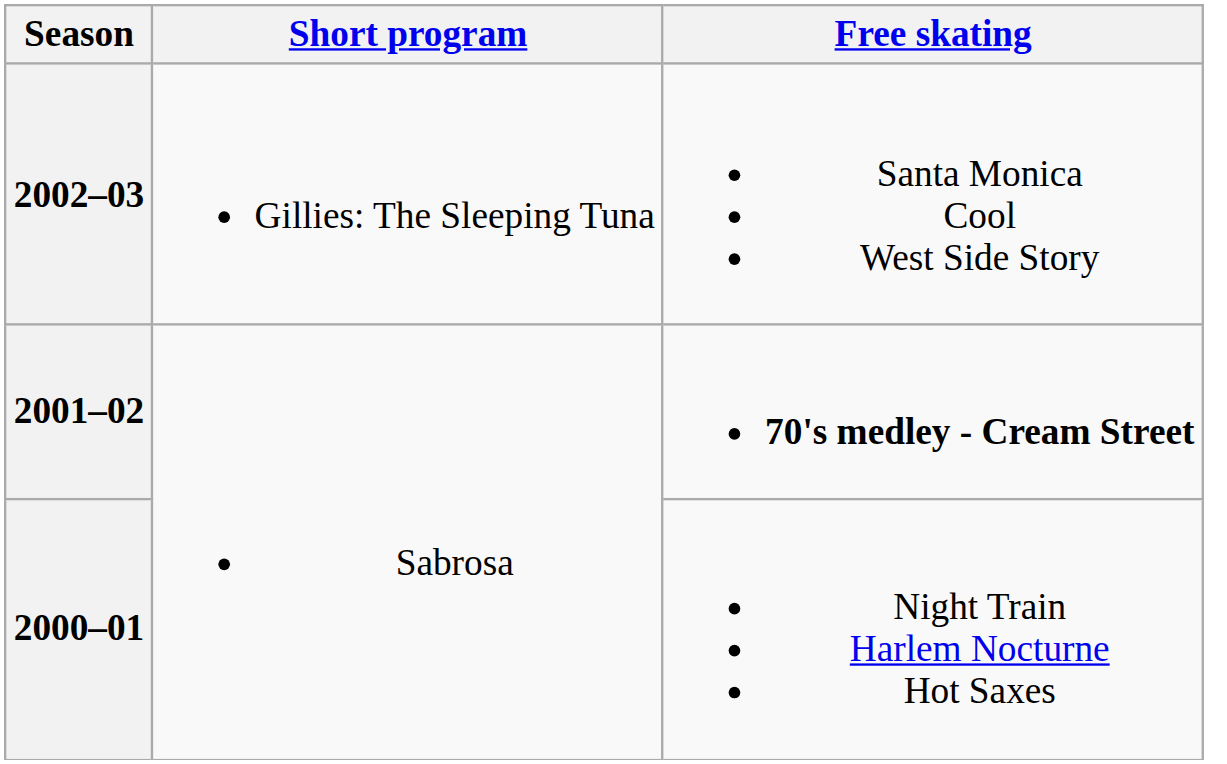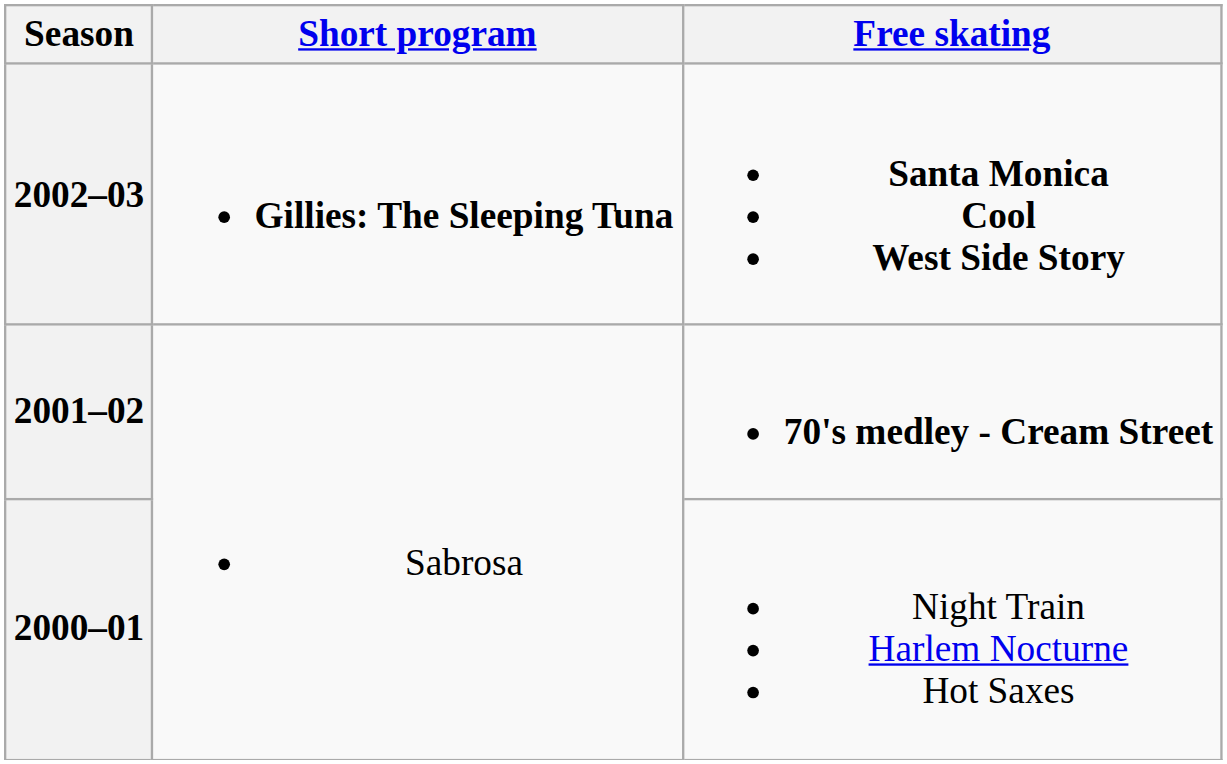 <table class=wikitable style=text-align:center>
 <tr>
 <th>Season</th>
 <th><a href='#'>Short program</a></th>
 <th><a href='#'>Free skating</a></th>
 </tr>
 <tr>
 <th>2002–03 <br> </th>
-<td><br><ul><li>Gillies: The Sleeping Tuna <br></li></ul></td>
-<td><br><ul><li>Santa Monica <br></li><li>Cool <br></li><li>West Side Story <br></li></ul></td>
+<td><strong><br><ul><li>Gillies: The Sleeping Tuna <br></li></ul></strong></td>
+<td><strong><br><ul><li>Santa Monica <br></li><li>Cool <br></li><li>West Side Story <br></li></ul></strong></td>
 </tr>
 <tr>
 <th>2001–02 <br> </th>
 <td rowspan=2><br><ul><li>Sabrosa <br></li></ul></td>
 <td><strong><br><ul><li>70's medley - Cream Street <br></li></ul></strong></td>
 </tr>
 <tr>
 <th>2000–01 <br> </th>
 <td><br><ul><li>Night Train <br></li><li><a href='#'>Harlem Nocturne</a> <br></li><li>Hot Saxes</li></ul></td>
 </tr>
 </table>
